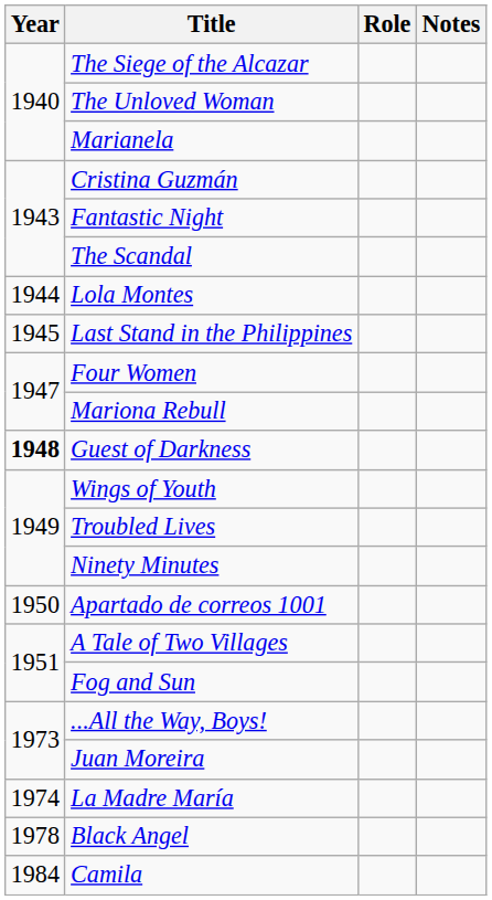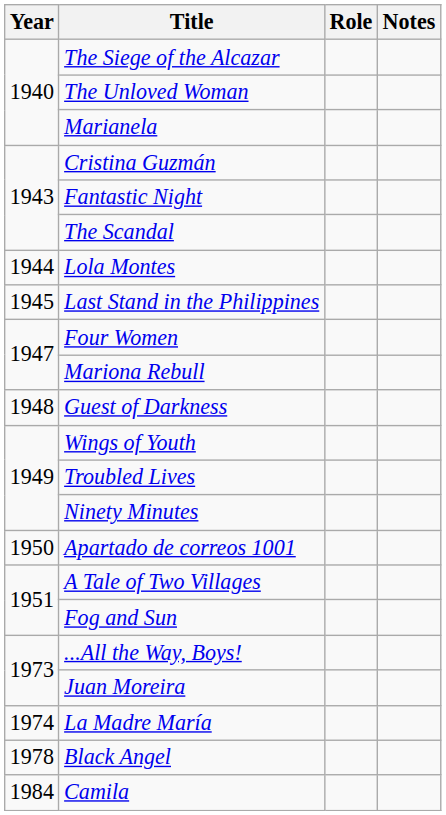 <table class="wikitable sortable">
 <tr>
 <th>Year</th>
 <th>Title</th>
 <th>Role</th>
 <th class="unsortable">Notes</th>
 </tr>
 <tr>
 <td rowspan=3>1940</td>
 <td><em><a href='#'>The Siege of the Alcazar</a></em></td>
 <td></td>
 <td></td>
 </tr>
 <tr>
 <td><em><a href='#'>The Unloved Woman</a></em></td>
 <td></td>
 <td></td>
 </tr>
 <tr>
 <td><em><a href='#'>Marianela</a></em></td>
 <td></td>
 <td></td>
 </tr>
 <tr>
 <td rowspan=3>1943</td>
 <td><em><a href='#'>Cristina Guzmán</a></em></td>
 <td></td>
 <td></td>
 </tr>
 <tr>
 <td><em><a href='#'>Fantastic Night</a></em></td>
 <td></td>
 <td></td>
 </tr>
 <tr>
 <td><em><a href='#'>The Scandal</a></em></td>
 <td></td>
 <td></td>
 </tr>
 <tr>
 <td>1944</td>
 <td><em><a href='#'>Lola Montes</a></em></td>
 <td></td>
 <td></td>
 </tr>
 <tr>
 <td>1945</td>
 <td><em><a href='#'>Last Stand in the Philippines</a></em></td>
 <td></td>
 <td></td>
 </tr>
 <tr>
 <td rowspan=2>1947</td>
 <td><em><a href='#'>Four Women</a></em></td>
 <td></td>
 <td></td>
 </tr>
 <tr>
 <td><em><a href='#'>Mariona Rebull</a></em></td>
 <td></td>
 <td></td>
 </tr>
 <tr>
-<td><strong>1948</strong></td>
+<td>1948</td>
 <td><em><a href='#'>Guest of Darkness</a></em></td>
 <td></td>
 <td></td>
 </tr>
 <tr>
 <td rowspan=3>1949</td>
 <td><em><a href='#'>Wings of Youth</a></em></td>
 <td></td>
 <td></td>
 </tr>
 <tr>
 <td><em><a href='#'>Troubled Lives</a></em></td>
 <td></td>
 <td></td>
 </tr>
 <tr>
 <td><em><a href='#'>Ninety Minutes</a></em></td>
 <td></td>
 <td></td>
 </tr>
 <tr>
 <td>1950</td>
 <td><em><a href='#'>Apartado de correos 1001</a></em></td>
 <td></td>
 <td></td>
 </tr>
 <tr>
 <td rowspan=2>1951</td>
 <td><em><a href='#'>A Tale of Two Villages</a></em></td>
 <td></td>
 <td></td>
 </tr>
 <tr>
 <td><em><a href='#'>Fog and Sun</a></em></td>
 <td></td>
 <td></td>
 </tr>
 <tr>
 <td rowspan=2>1973</td>
 <td><em><a href='#'>...All the Way, Boys!</a></em></td>
 <td></td>
 <td></td>
 </tr>
 <tr>
 <td><em><a href='#'>Juan Moreira</a></em></td>
 <td></td>
 <td></td>
 </tr>
 <tr>
 <td>1974</td>
 <td><em><a href='#'>La Madre María</a></em></td>
 <td></td>
 <td></td>
 </tr>
 <tr>
 <td>1978</td>
 <td><em><a href='#'>Black Angel</a></em></td>
 <td></td>
 <td></td>
 </tr>
 <tr>
 <td>1984</td>
 <td><em><a href='#'>Camila</a></em></td>
 <td></td>
 <td></td>
 </tr>
 </table>
